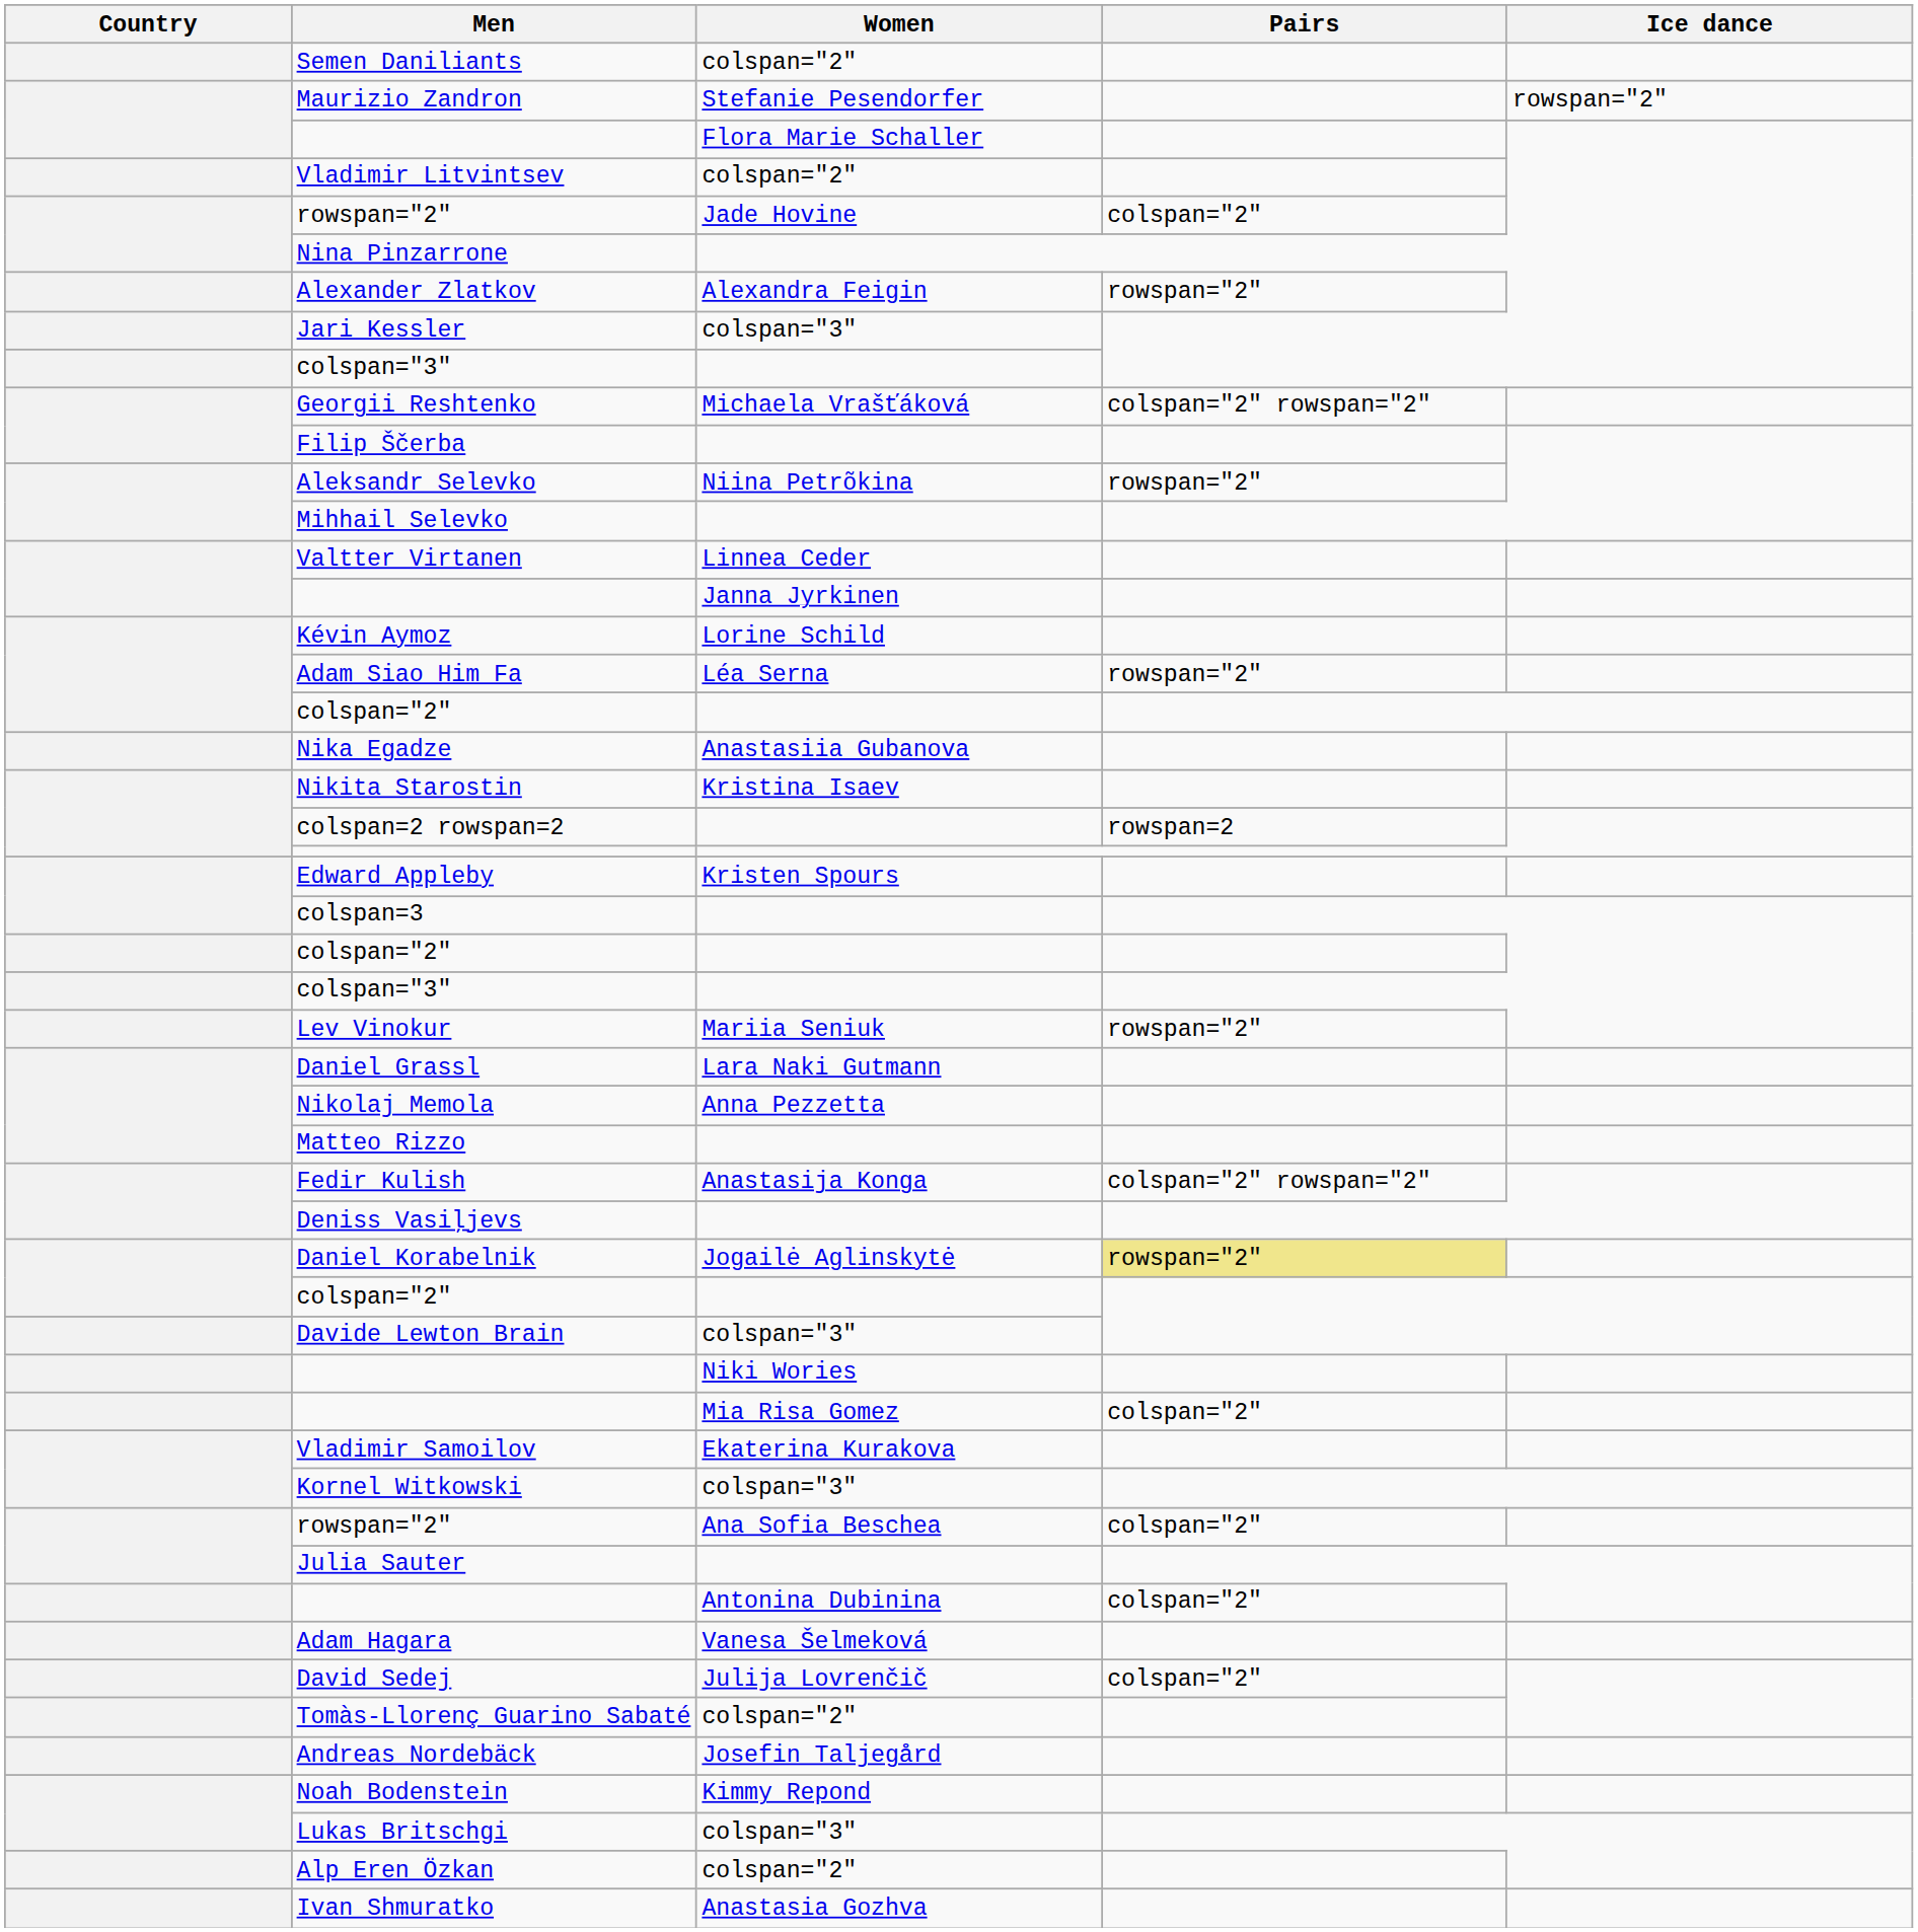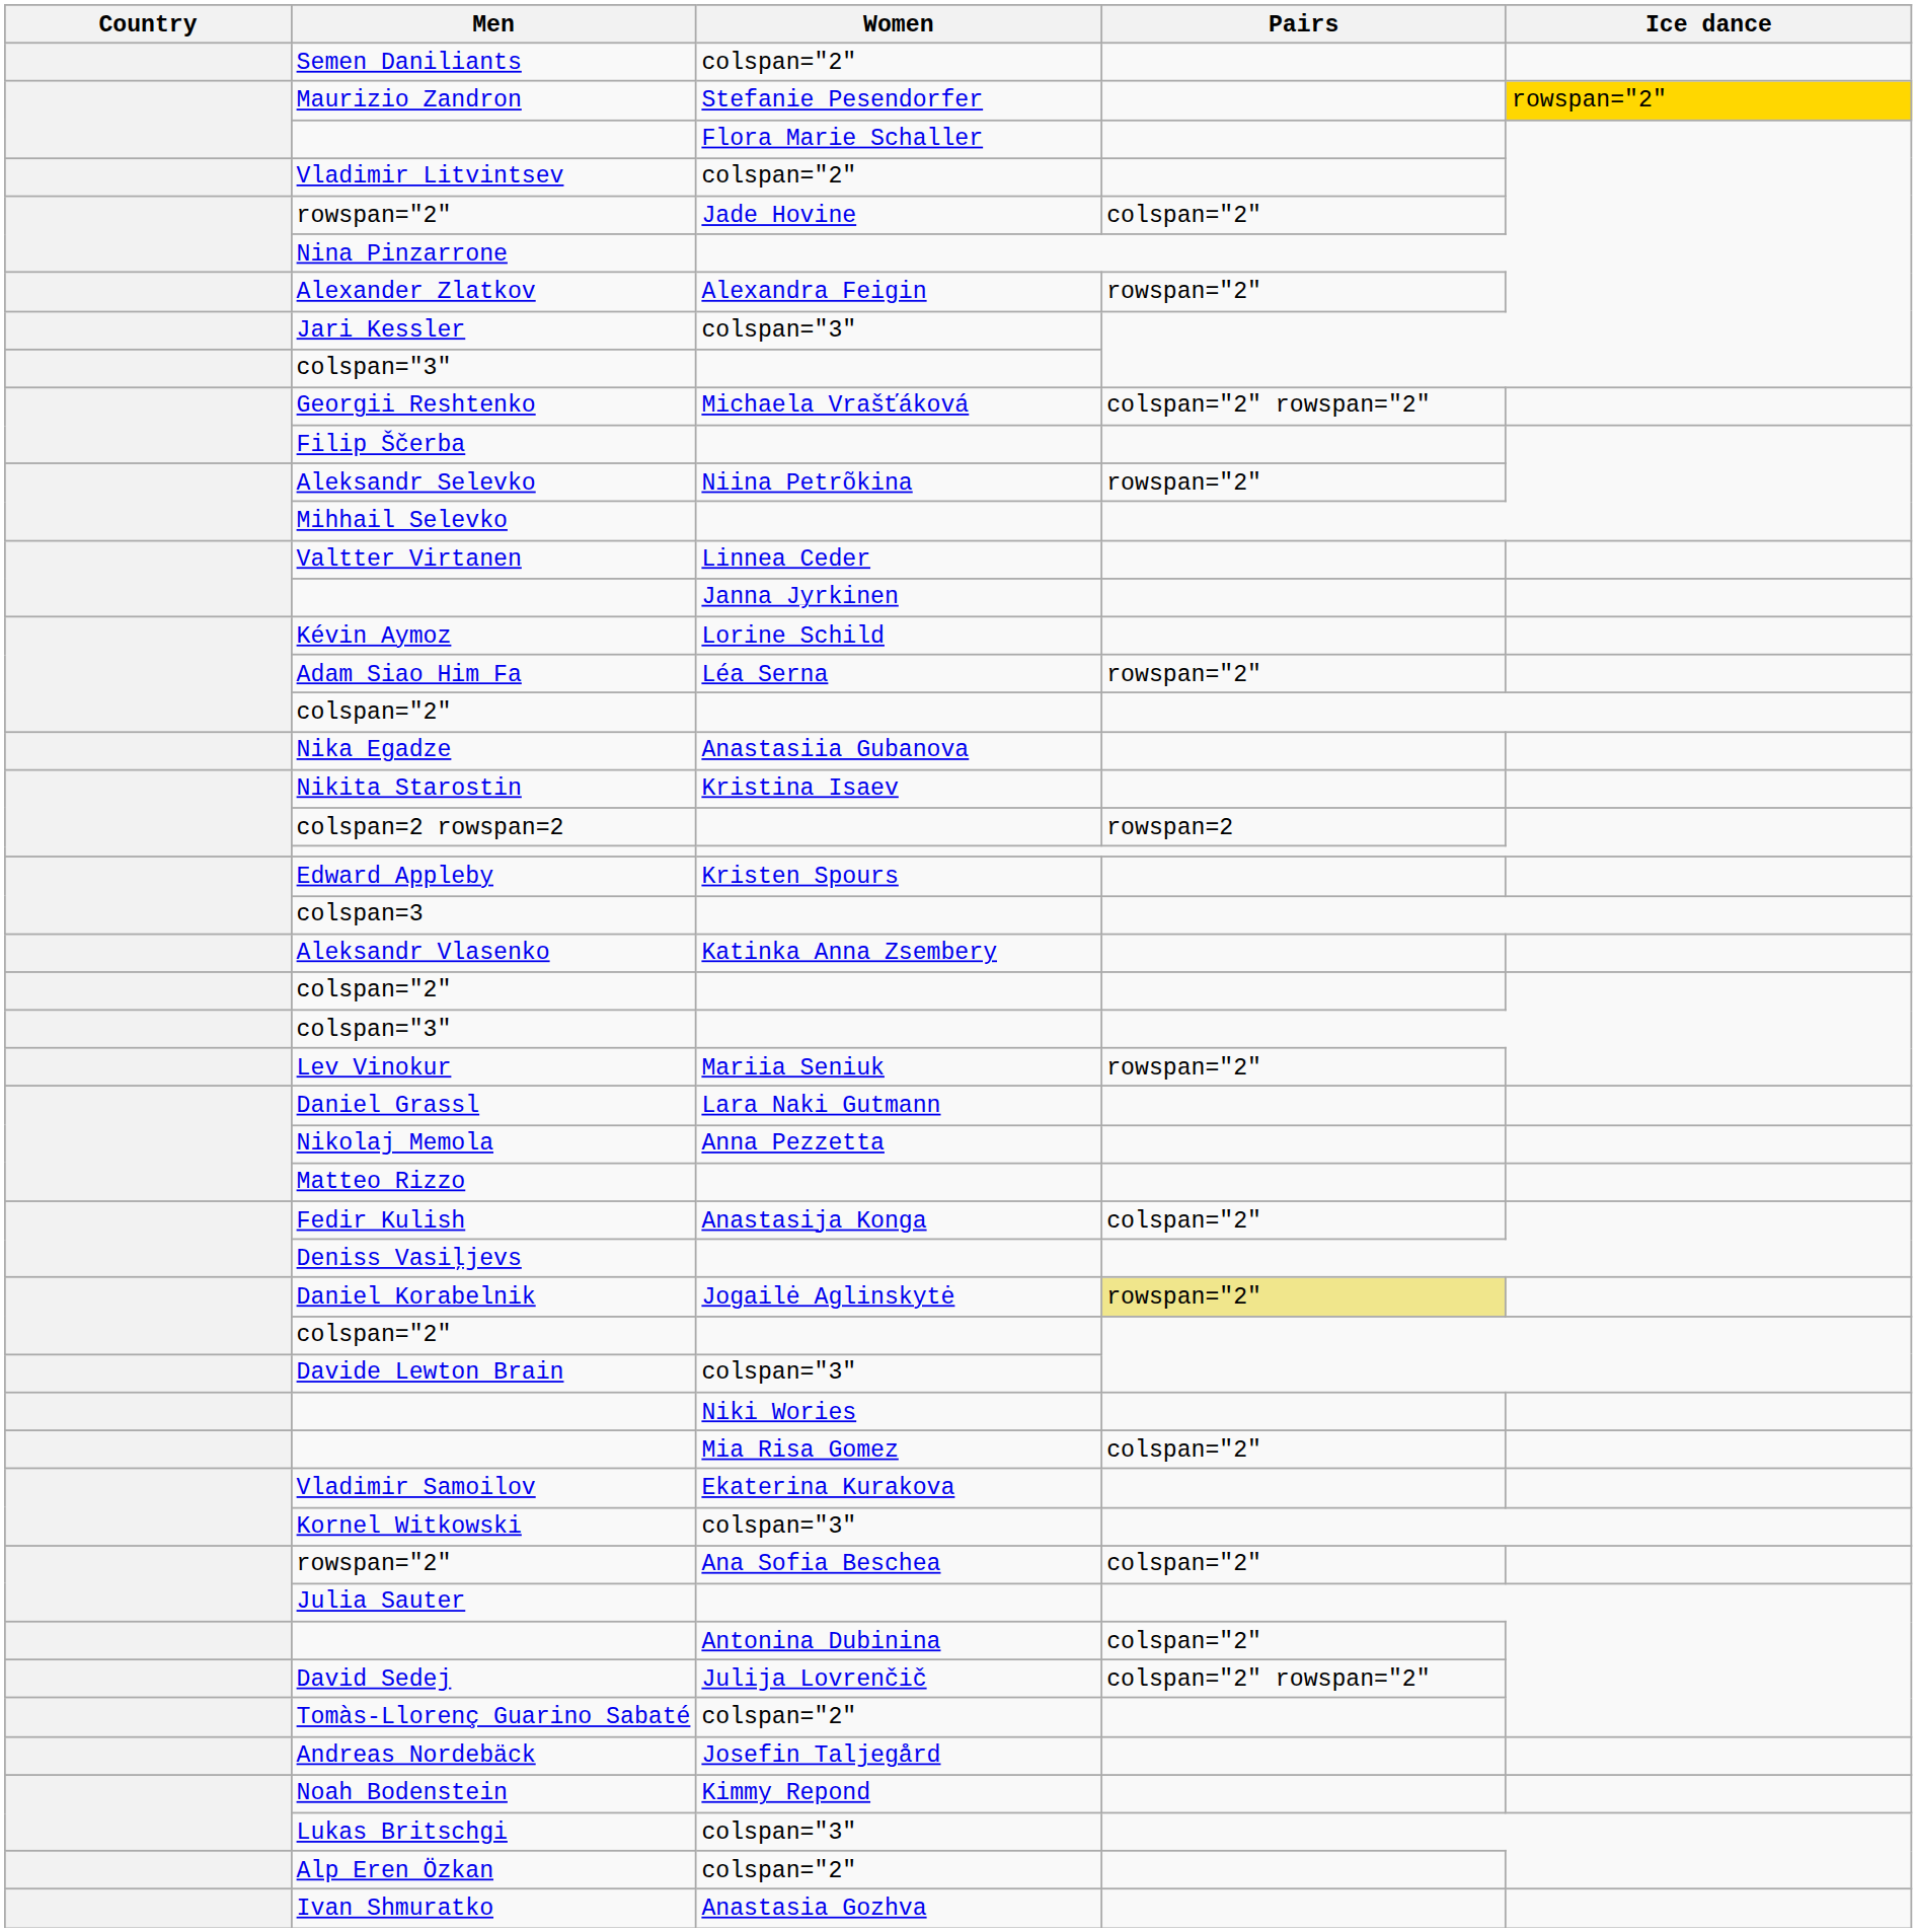 <table class="wikitable sortable" style="text-align:left width:100%">
 <tr>
 <th scope="col" style="width:15%">Country</th>
 <th scope="col" style="width:21.25%">Men</th>
 <th scope="col" style="width:21.25%">Women</th>
 <th scope="col" style="width:21.25%">Pairs</th>
 <th scope="col" style="width:21.25%">Ice dance</th>
 </tr>
 <tr>
 <th scope="row" style="text-align:left"></th>
 <td><a href='#'>Semen Daniliants</a></td>
 <td>colspan="2" </td>
 <td></td>
 </tr>
 <tr>
 <th rowspan="2" scope="row" style="text-align:left"></th>
 <td><a href='#'>Maurizio Zandron</a></td>
 <td><a href='#'>Stefanie Pesendorfer</a></td>
 <td></td>
-<td>rowspan="2" </td>
+<td style="background: gold;">rowspan="2" </td>
 </tr>
 <tr>
 <td></td>
 <td><a href='#'>Flora Marie Schaller</a></td>
 <td></td>
 </tr>
 <tr>
 <th scope="row" style="text-align:left"></th>
 <td><a href='#'>Vladimir Litvintsev</a></td>
 <td>colspan="2" </td>
 <td></td>
 </tr>
 <tr>
 <th scope="row" style="text-align:left" rowspan="2"></th>
 <td>rowspan="2" </td>
 <td><a href='#'>Jade Hovine</a></td>
 <td>colspan="2" </td>
 </tr>
 <tr>
 <td><a href='#'>Nina Pinzarrone</a></td>
 </tr>
 <tr>
 <th scope="row" style="text-align:left"></th>
 <td><a href='#'>Alexander Zlatkov</a></td>
 <td><a href='#'>Alexandra Feigin</a></td>
 <td>rowspan="2" </td>
 </tr>
 <tr>
 <th scope="row" style="text-align:left"></th>
 <td><a href='#'>Jari Kessler</a></td>
 <td>colspan="3" </td>
 </tr>
 <tr>
 <th scope="row" style="text-align:left"></th>
 <td>colspan="3" </td>
 <td></td>
 </tr>
 <tr>
 <th scope="row" style="text-align:left" rowspan="2"></th>
 <td><a href='#'>Georgii Reshtenko</a></td>
 <td><a href='#'>Michaela Vrašťáková</a></td>
 <td>colspan="2" rowspan="2" </td>
 <td></td>
 </tr>
 <tr>
 <td><a href='#'>Filip Ščerba</a></td>
 <td></td>
 <td></td>
 </tr>
 <tr>
 <th scope="row" style="text-align:left" rowspan="2"></th>
 <td><a href='#'>Aleksandr Selevko</a></td>
 <td><a href='#'>Niina Petrõkina</a></td>
 <td>rowspan="2" </td>
 </tr>
 <tr>
 <td><a href='#'>Mihhail Selevko</a></td>
 <td></td>
 </tr>
 <tr>
 <th scope="row" style="text-align:left" rowspan="2"></th>
 <td><a href='#'>Valtter Virtanen</a></td>
 <td><a href='#'>Linnea Ceder</a></td>
 <td></td>
 <td></td>
 </tr>
 <tr>
 <td></td>
 <td><a href='#'>Janna Jyrkinen</a></td>
 <td></td>
 <td></td>
 </tr>
 <tr>
 <th scope="row" style="text-align:left" rowspan="3"></th>
 <td><a href='#'>Kévin Aymoz</a></td>
 <td><a href='#'>Lorine Schild</a></td>
 <td></td>
 <td></td>
 </tr>
 <tr>
 <td><a href='#'>Adam Siao Him Fa</a></td>
 <td><a href='#'>Léa Serna</a></td>
 <td>rowspan="2" </td>
 <td></td>
 </tr>
 <tr>
 <td>colspan="2" </td>
 <td></td>
 </tr>
 <tr>
 <th scope="row" style="text-align:left"></th>
 <td><a href='#'>Nika Egadze</a></td>
 <td><a href='#'>Anastasiia Gubanova</a></td>
 <td></td>
 <td></td>
 </tr>
 <tr>
 <th scope="row" style="text-align:left" rowspan="3"></th>
 <td><a href='#'>Nikita Starostin</a></td>
 <td><a href='#'>Kristina Isaev</a></td>
 <td></td>
 <td></td>
 </tr>
 <tr>
 <td>colspan=2 rowspan=2 </td>
 <td></td>
 <td>rowspan=2 </td>
 </tr>
 <tr>
 <td></td>
 </tr>
 <tr>
 <th scope="row" style="text-align:left" rowspan="2"></th>
 <td><a href='#'>Edward Appleby</a></td>
 <td><a href='#'>Kristen Spours</a></td>
 <td></td>
 <td></td>
 </tr>
 <tr>
 <td>colspan=3 </td>
 <td></td>
 </tr>
 <tr>
 <th scope="row" style="text-align:left"></th>
+<td><a href='#'>Aleksandr Vlasenko</a></td>
+<td><a href='#'>Katinka Anna Zsembery</a></td>
+<td></td>
+<td></td>
+</tr>
+<tr>
+<th scope="row" style="text-align:left"></th>
 <td>colspan="2" </td>
 <td></td>
 <td></td>
 </tr>
 <tr>
 <th scope="row" style="text-align:left"></th>
 <td>colspan="3" </td>
 <td></td>
 </tr>
 <tr>
 <th scope="row" style="text-align:left"></th>
 <td><a href='#'>Lev Vinokur</a></td>
 <td><a href='#'>Mariia Seniuk</a></td>
 <td>rowspan="2" </td>
 </tr>
 <tr>
 <th scope="row" style="text-align:left" rowspan="3"></th>
 <td><a href='#'>Daniel Grassl</a></td>
 <td><a href='#'>Lara Naki Gutmann</a></td>
 <td></td>
 <td></td>
 </tr>
 <tr>
 <td><a href='#'>Nikolaj Memola</a></td>
 <td><a href='#'>Anna Pezzetta</a></td>
 <td></td>
 <td></td>
 </tr>
 <tr>
 <td><a href='#'>Matteo Rizzo</a></td>
 <td></td>
 <td></td>
 <td></td>
 </tr>
 <tr>
 <th scope="row" style="text-align:left" rowspan="2"></th>
 <td><a href='#'>Fedir Kulish</a></td>
 <td><a href='#'>Anastasija Konga</a></td>
-<td>colspan="2" rowspan="2" </td>
+<td>colspan="2" </td>
 </tr>
 <tr>
 <td><a href='#'>Deniss Vasiļjevs</a></td>
 <td></td>
 </tr>
 <tr>
 <th rowspan="2" scope="row" style="text-align:left"></th>
 <td><a href='#'>Daniel Korabelnik</a></td>
 <td><a href='#'>Jogailė Aglinskytė</a></td>
 <td style="background: khaki;">rowspan="2" </td>
 <td></td>
 </tr>
 <tr>
 <td>colspan="2" </td>
 <td></td>
 </tr>
 <tr>
 <th scope="row" style="text-align:left"></th>
 <td><a href='#'>Davide Lewton Brain</a></td>
 <td>colspan="3" </td>
 </tr>
 <tr>
 <th scope="row" style="text-align:left"></th>
 <td></td>
 <td><a href='#'>Niki Wories</a></td>
 <td></td>
 <td></td>
 </tr>
 <tr>
 <th scope="row" style="text-align:left"></th>
 <td></td>
 <td><a href='#'>Mia Risa Gomez</a></td>
 <td>colspan="2" </td>
 </tr>
 <tr>
 <th scope="row" style="text-align:left" rowspan="2"></th>
 <td><a href='#'>Vladimir Samoilov</a></td>
 <td><a href='#'>Ekaterina Kurakova</a></td>
 <td></td>
 <td></td>
 </tr>
 <tr>
 <td><a href='#'>Kornel Witkowski</a></td>
 <td>colspan="3" </td>
 </tr>
 <tr>
 <th scope="row" style="text-align:left" rowspan="2"></th>
 <td>rowspan="2" </td>
 <td><a href='#'>Ana Sofia Beschea</a></td>
 <td>colspan="2" </td>
 <td></td>
 </tr>
 <tr>
 <td><a href='#'>Julia Sauter</a></td>
 <td></td>
 </tr>
 <tr>
 <th scope="row" style="text-align:left"></th>
 <td></td>
 <td><a href='#'>Antonina Dubinina</a></td>
 <td>colspan="2" </td>
 </tr>
 <tr>
 <th scope="row" style="text-align:left"></th>
-<td><a href='#'>Adam Hagara</a></td>
-<td><a href='#'>Vanesa Šelmeková</a></td>
-<td></td>
-<td></td>
-</tr>
-<tr>
-<th scope="row" style="text-align:left"></th>
 <td><a href='#'>David Sedej</a></td>
 <td><a href='#'>Julija Lovrenčič</a></td>
-<td>colspan="2" </td>
+<td>colspan="2" rowspan="2" </td>
 </tr>
 <tr>
 <th scope="row" style="text-align:left"></th>
 <td><a href='#'>Tomàs-Llorenç Guarino Sabaté</a></td>
 <td>colspan="2" </td>
 <td></td>
 </tr>
 <tr>
 <th scope="row" style="text-align:left"></th>
 <td><a href='#'>Andreas Nordebäck</a></td>
 <td><a href='#'>Josefin Taljegård</a></td>
 <td></td>
 <td></td>
 </tr>
 <tr>
 <th scope="row" style="text-align:left" rowspan="2"></th>
 <td><a href='#'>Noah Bodenstein</a></td>
 <td><a href='#'>Kimmy Repond</a></td>
 <td></td>
 <td></td>
 </tr>
 <tr>
 <td><a href='#'>Lukas Britschgi</a></td>
 <td>colspan="3" </td>
 </tr>
 <tr>
 <th scope="row" style="text-align:left"></th>
 <td><a href='#'>Alp Eren Özkan</a></td>
 <td>colspan="2" </td>
 <td></td>
 </tr>
 <tr>
 <th scope="row" style="text-align:left"></th>
 <td><a href='#'>Ivan Shmuratko</a></td>
 <td><a href='#'>Anastasia Gozhva</a></td>
 <td></td>
 <td></td>
 </tr>
 </table>
